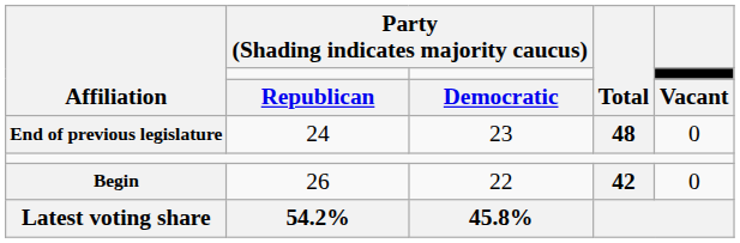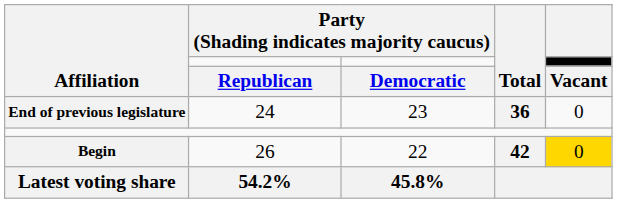 <table class=wikitable style="text-align:center">
 <tr style="vertical-align:bottom;">
 <th rowspan=3>Affiliation</th>
 <th colspan=2>Party <div>(Shading indicates majority caucus)</div></th>
 <th rowspan=3>Total</th>
 <th></th>
 </tr>
 <tr style="height:5px">
 <td style="background-color:"></td>
 <td style="background-color:"></td>
 <td style="background-color:black"></td>
 </tr>
 <tr>
 <th><a href='#'>Republican</a></th>
 <th><a href='#'>Democratic</a></th>
 <th>Vacant</th>
 </tr>
 <tr>
 <th nowrap style="font-size:80%">End of previous legislature</th>
 <td>24</td>
 <td>23</td>
-<th>48</th>
+<th>36</th>
 <td>0</td>
 </tr>
 <tr>
 <td colspan=5></td>
 </tr>
 <tr>
 <th nowrap style="font-size:80%">Begin</th>
 <td>26</td>
 <td>22</td>
 <th>42</th>
-<td>0</td>
+<td style="background: gold;">0</td>
 </tr>
 <tr>
 <th>Latest voting share</th>
 <th>54.2% </th>
 <th>45.8%</th>
 <th colspan=2></th>
 </tr>
 </table>
